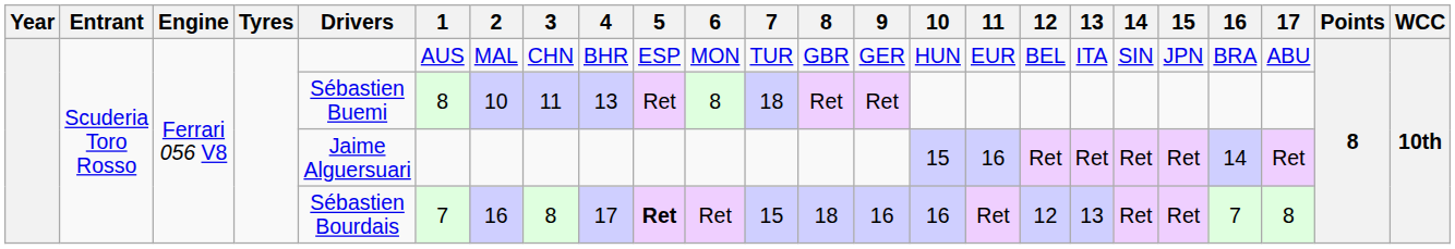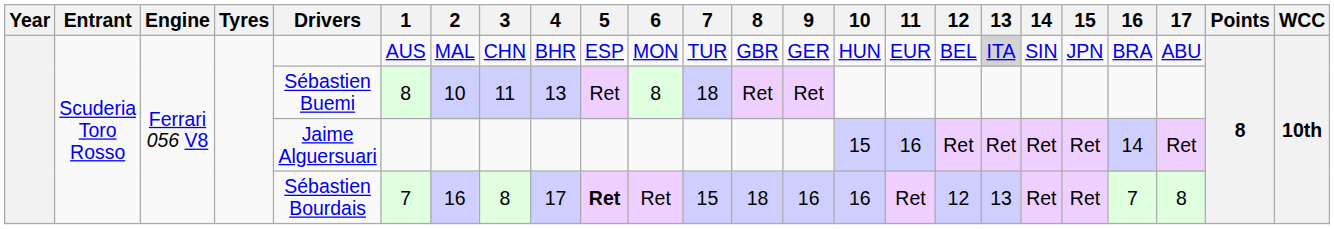 <table class="wikitable" style="text-align:center; font-size:95%">
 <tr>
 <th>Year</th>
 <th>Entrant</th>
 <th>Engine</th>
 <th>Tyres</th>
 <th>Drivers</th>
 <th>1</th>
 <th>2</th>
 <th>3</th>
 <th>4</th>
 <th>5</th>
 <th>6</th>
 <th>7</th>
 <th>8</th>
 <th>9</th>
 <th>10</th>
 <th>11</th>
 <th>12</th>
 <th>13</th>
 <th>14</th>
 <th>15</th>
 <th>16</th>
 <th>17</th>
 <th>Points</th>
 <th>WCC</th>
 </tr>
 <tr>
 <th rowspan="4"></th>
 <td rowspan="4"><a href='#'>Scuderia Toro Rosso</a></td>
 <td rowspan="4"><a href='#'>Ferrari</a> <em>056</em> <a href='#'>V8</a></td>
 <td rowspan="4"></td>
 <td></td>
 <td><a href='#'>AUS</a></td>
 <td><a href='#'>MAL</a></td>
 <td><a href='#'>CHN</a></td>
 <td><a href='#'>BHR</a></td>
 <td><a href='#'>ESP</a></td>
 <td><a href='#'>MON</a></td>
 <td><a href='#'>TUR</a></td>
 <td><a href='#'>GBR</a></td>
 <td><a href='#'>GER</a></td>
 <td><a href='#'>HUN</a></td>
 <td><a href='#'>EUR</a></td>
 <td><a href='#'>BEL</a></td>
-<td><a href='#'>ITA</a></td>
+<td style="background: lightgrey;"><a href='#'>ITA</a></td>
 <td><a href='#'>SIN</a></td>
 <td><a href='#'>JPN</a></td>
 <td><a href='#'>BRA</a></td>
 <td><a href='#'>ABU</a></td>
 <th rowspan=4>8</th>
 <th rowspan=4>10th</th>
 </tr>
 <tr>
 <td> <a href='#'>Sébastien Buemi</a></td>
 <td style="background:#dfffdf;">8</td>
 <td style="background:#cfcfff;">10</td>
 <td style="background:#cfcfff;">11</td>
 <td style="background:#cfcfff;">13</td>
 <td style="background:#EFCFFF;">Ret</td>
 <td style="background:#dfffdf;">8</td>
 <td style="background:#cfcfff;">18</td>
 <td style="background:#EFCFFF;">Ret</td>
 <td style="background:#EFCFFF;">Ret</td>
 <td></td>
 <td></td>
 <td></td>
 <td></td>
 <td></td>
 <td></td>
 <td></td>
 <td></td>
 </tr>
 <tr>
 <td> <a href='#'>Jaime Alguersuari</a></td>
 <td></td>
 <td></td>
 <td></td>
 <td></td>
 <td></td>
 <td></td>
 <td></td>
 <td></td>
 <td></td>
 <td style="background:#cfcfff;">15</td>
 <td style="background:#cfcfff;">16</td>
 <td style="background:#EFCFFF;">Ret</td>
 <td style="background:#EFCFFF;">Ret</td>
 <td style="background:#EFCFFF;">Ret</td>
 <td style="background:#EFCFFF;">Ret</td>
 <td style="background:#cfcfff;">14</td>
 <td style="background:#EFCFFF;">Ret</td>
 </tr>
 <tr>
 <td> <a href='#'>Sébastien Bourdais</a></td>
 <td style="background:#dfffdf;">7</td>
 <td style="background:#cfcfff;">16</td>
 <td style="background:#dfffdf;">8</td>
 <td style="background:#cfcfff;">17</td>
 <td style="background:#EFCFFF;"><strong>Ret</strong></td>
 <td style="background:#EFCFFF;">Ret</td>
 <td style="background:#cfcfff;">15</td>
 <td style="background:#cfcfff;">18</td>
 <td style="background:#cfcfff;">16</td>
 <td style="background:#cfcfff;">16</td>
 <td style="background:#EFCFFF;">Ret</td>
 <td style="background:#cfcfff;">12</td>
 <td style="background:#cfcfff;">13</td>
 <td style="background:#EFCFFF;">Ret</td>
 <td style="background:#EFCFFF;">Ret</td>
 <td style="background:#dfffdf;">7</td>
 <td style="background:#dfffdf;">8</td>
 </tr>
 </table>
